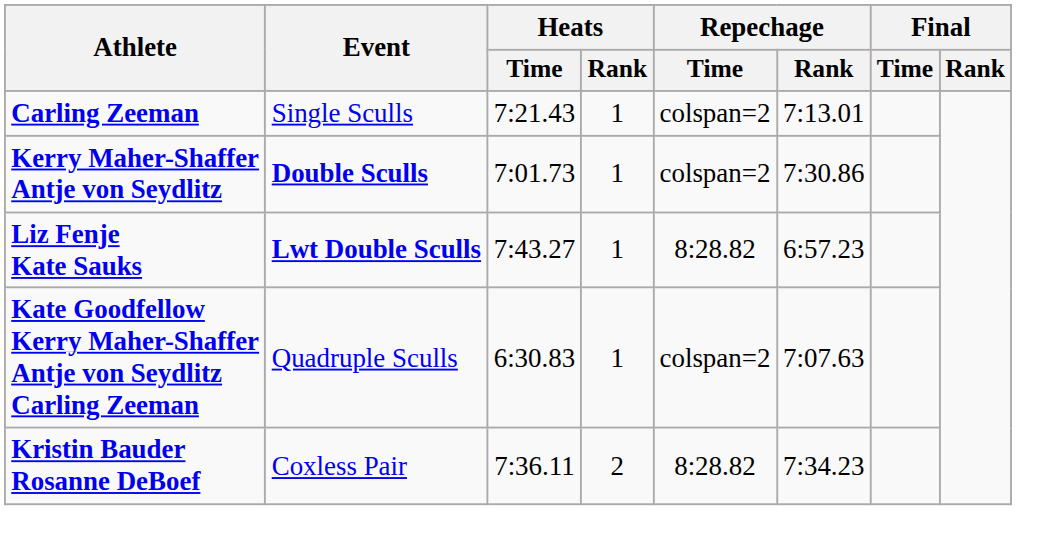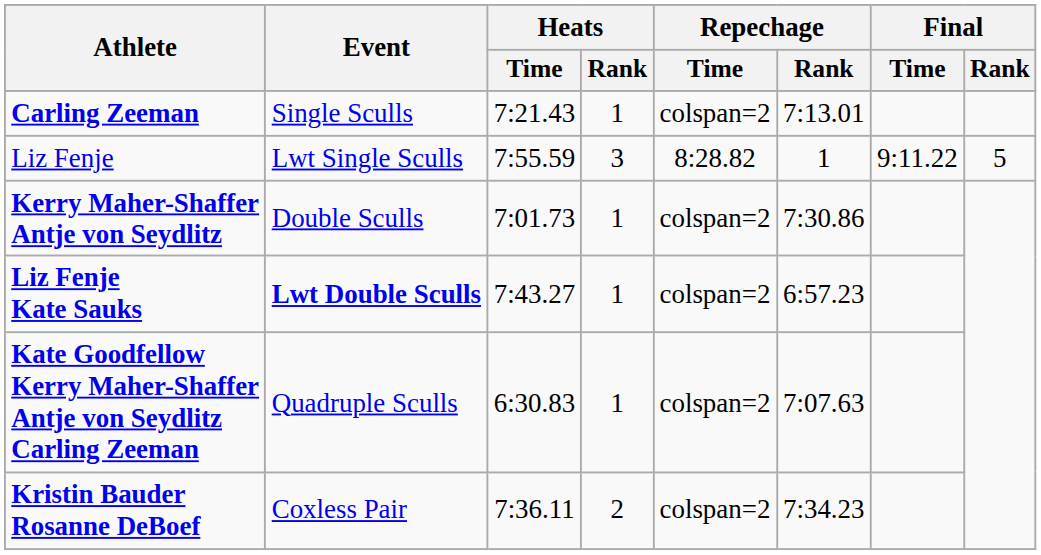 <table class="wikitable" style="font-size:90%">
 <tr>
 <th rowspan=2>Athlete</th>
 <th rowspan=2>Event</th>
 <th colspan=2>Heats</th>
 <th colspan=2>Repechage</th>
 <th colspan=2>Final</th>
 </tr>
 <tr style="font-size:95%">
 <th>Time</th>
 <th>Rank</th>
 <th>Time</th>
 <th>Rank</th>
 <th>Time</th>
 <th>Rank</th>
 </tr>
 <tr align=center>
 <td align=left><strong><a href='#'>Carling Zeeman</a></strong></td>
 <td align=left><a href='#'>Single Sculls</a></td>
 <td>7:21.43</td>
 <td>1</td>
 <td>colspan=2 </td>
 <td>7:13.01</td>
 <td></td>
 </tr>
 <tr align=center>
+<td align=left><a href='#'>Liz Fenje</a></td>
+<td align=left><a href='#'>Lwt Single Sculls</a></td>
+<td>7:55.59</td>
+<td>3</td>
+<td>8:28.82</td>
+<td>1</td>
+<td>9:11.22</td>
+<td>5</td>
+</tr>
+<tr align=center>
 <td align=left><strong><a href='#'>Kerry Maher-Shaffer</a><br><a href='#'>Antje von Seydlitz</a></strong></td>
-<td align=left><strong><a href='#'>Double Sculls</a></strong></td>
+<td align=left><a href='#'>Double Sculls</a></td>
 <td>7:01.73</td>
 <td>1</td>
 <td>colspan=2 </td>
 <td>7:30.86</td>
 <td></td>
 </tr>
 <tr align=center>
 <td align=left><strong><a href='#'>Liz Fenje</a><br><a href='#'>Kate Sauks</a></strong></td>
 <td align=left><strong><a href='#'>Lwt Double Sculls</a></strong></td>
 <td>7:43.27</td>
 <td>1</td>
-<td>8:28.82</td>
+<td>colspan=2 </td>
 <td>6:57.23</td>
 <td></td>
 </tr>
 <tr align=center>
 <td align=left><strong><a href='#'>Kate Goodfellow</a><br><a href='#'>Kerry Maher-Shaffer</a><br><a href='#'>Antje von Seydlitz</a><br><a href='#'>Carling Zeeman</a></strong></td>
 <td align=left><a href='#'>Quadruple Sculls</a></td>
 <td>6:30.83</td>
 <td>1</td>
 <td>colspan=2 </td>
 <td>7:07.63</td>
 <td></td>
 </tr>
 <tr align=center>
 <td align=left><strong><a href='#'>Kristin Bauder</a><br><a href='#'>Rosanne DeBoef</a></strong></td>
 <td align=left><a href='#'>Coxless Pair</a></td>
 <td>7:36.11</td>
 <td>2</td>
-<td>8:28.82</td>
+<td>colspan=2 </td>
 <td>7:34.23</td>
 <td></td>
 </tr>
 </table>
